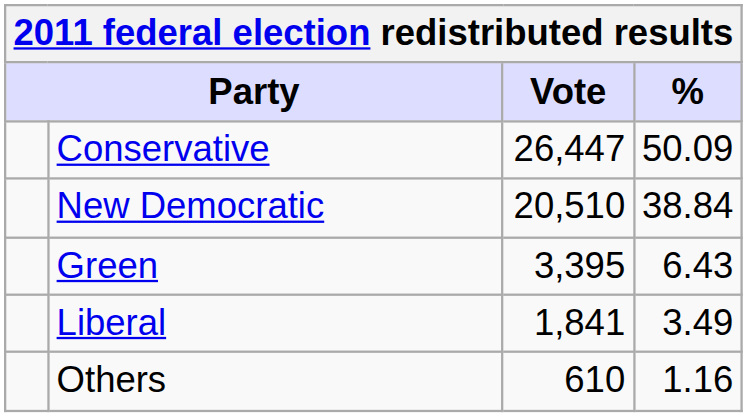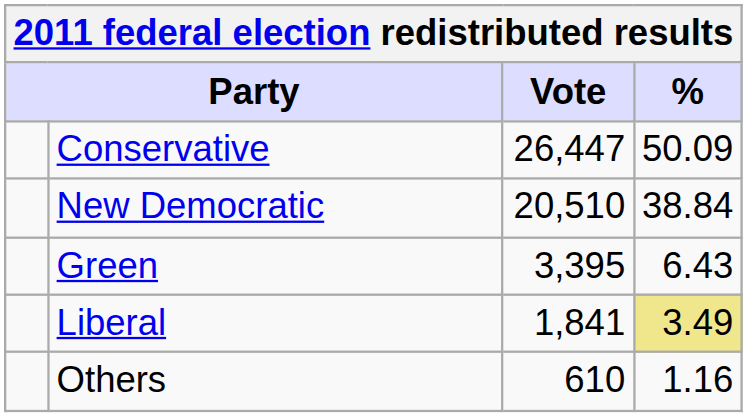 <table class="wikitable">
 <tr>
 <th colspan="4"><a href='#'>2011 federal election</a> redistributed results</th>
 </tr>
 <tr>
 <th style="background:#ddf; width:130px;" colspan="2">Party</th>
 <th style="background:#ddf; width:50px;">Vote</th>
 <th style="background:#ddf; width:30px;">%</th>
 </tr>
 <tr>
 <td> </td>
 <td><a href='#'>Conservative</a></td>
 <td align="right">26,447</td>
 <td align="right">50.09</td>
 </tr>
 <tr>
 <td> </td>
 <td><a href='#'>New Democratic</a></td>
 <td align="right">20,510</td>
 <td align="right">38.84</td>
 </tr>
 <tr>
 <td> </td>
 <td><a href='#'>Green</a></td>
 <td align="right">3,395</td>
 <td align="right">6.43</td>
 </tr>
 <tr>
 <td> </td>
 <td><a href='#'>Liberal</a></td>
 <td align="right">1,841</td>
-<td align="right">3.49</td>
+<td align="right" style="background: khaki;">3.49</td>
 </tr>
 <tr>
 <td> </td>
 <td>Others</td>
 <td align="right">610</td>
 <td align="right">1.16</td>
 </tr>
 </table>
